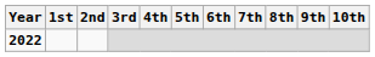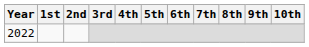 <table class="wikitable" style="text-align:left; font-size:90%">
 <tr>
 <th>Year</th>
 <th>1st</th>
 <th>2nd</th>
 <th>3rd</th>
 <th>4th</th>
 <th>5th</th>
 <th>6th</th>
 <th>7th</th>
 <th>8th</th>
 <th>9th</th>
 <th>10th</th>
 </tr>
 <tr>
-<td align="center"><strong>2022</strong></td>
+<td align="center">2022</td>
 <td></td>
 <td></td>
 <td colspan=8 bgcolor=#DCDCDC></td>
 </tr>
 </table>
